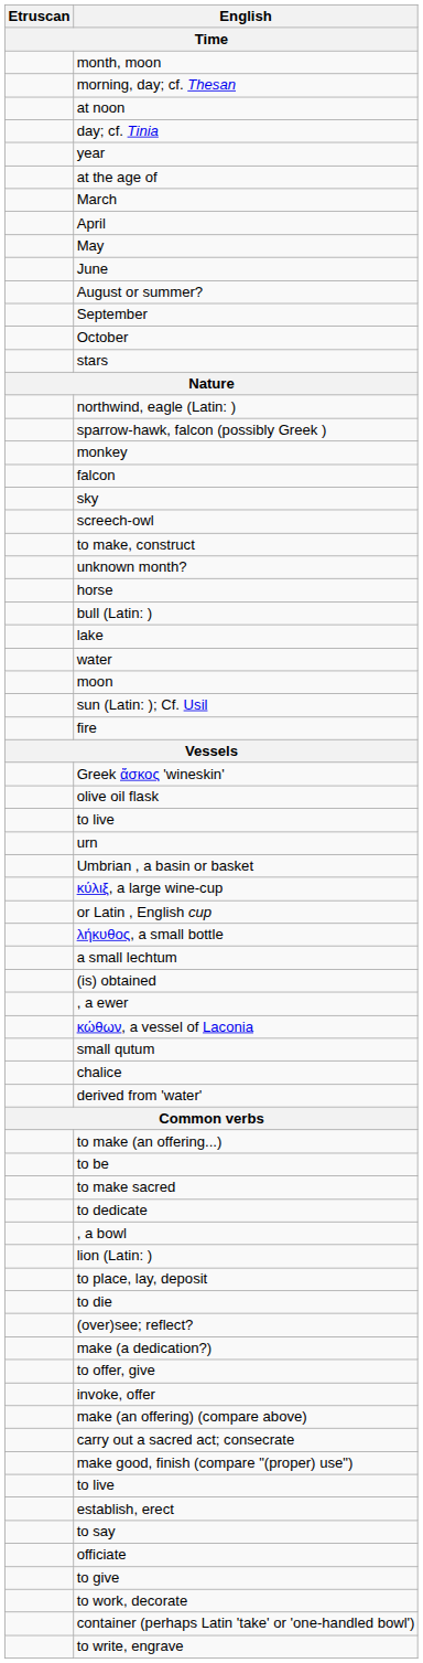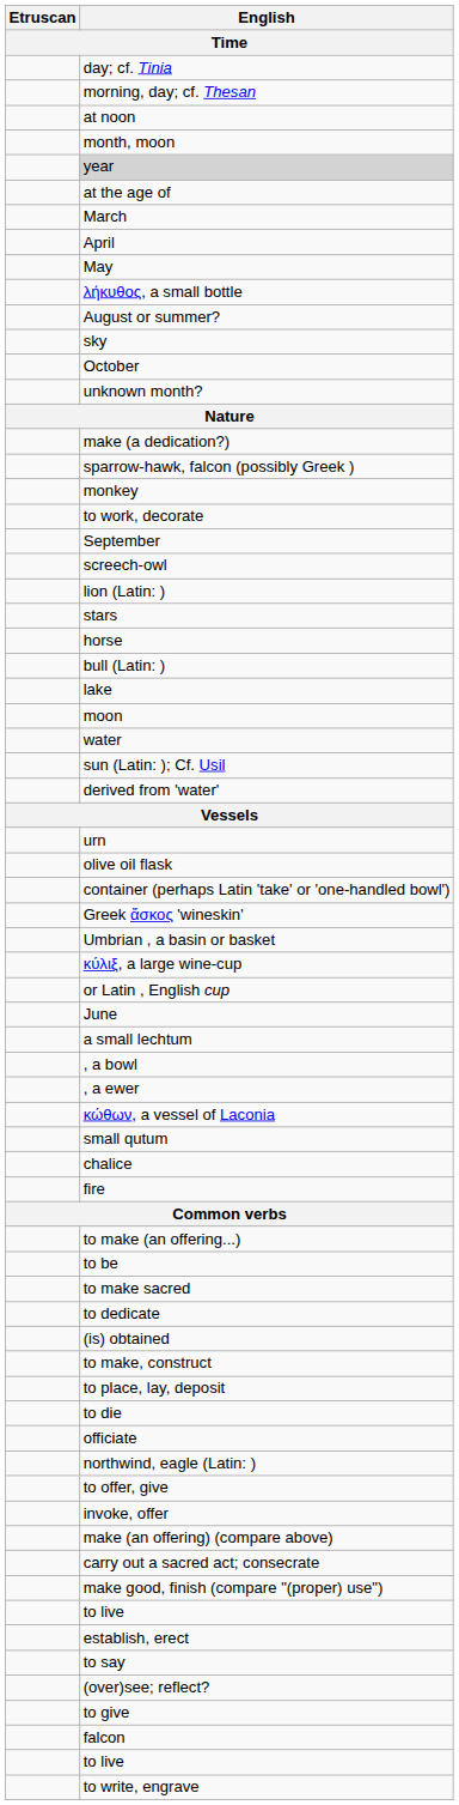 <table class="wikitable">
 <tr>
 <th>Etruscan</th>
 <th>English</th>
 </tr>
 <tr>
 <th colspan=2>Time</th>
 </tr>
 <tr>
 <td></td>
-<td>month, moon</td>
+<td>day; cf. <em><a href='#'>Tinia</a></em></td>
 </tr>
 <tr>
 <td></td>
 <td>morning, day; cf. <em><a href='#'>Thesan</a></em></td>
 </tr>
 <tr>
 <td></td>
 <td>at noon</td>
 </tr>
 <tr>
 <td></td>
-<td>day; cf. <em><a href='#'>Tinia</a></em></td>
+<td>month, moon</td>
 </tr>
 <tr>
 <td></td>
-<td>year</td>
+<td style="background: lightgrey;">year</td>
 </tr>
 <tr>
 <td></td>
 <td>at the age of</td>
 </tr>
 <tr>
 <td></td>
 <td>March</td>
 </tr>
 <tr>
 <td></td>
 <td>April</td>
 </tr>
 <tr>
 <td></td>
 <td>May</td>
 </tr>
 <tr>
 <td></td>
-<td>June</td>
+<td><a href='#'>λήκυθος</a>, a small bottle</td>
 </tr>
 <tr>
 <td></td>
 <td>August or summer?</td>
 </tr>
 <tr>
 <td></td>
-<td>September</td>
+<td>sky</td>
 </tr>
 <tr>
 <td></td>
 <td>October</td>
 </tr>
 <tr>
 <td></td>
-<td>stars</td>
+<td>unknown month?</td>
 </tr>
 <tr>
 <th colspan=2>Nature</th>
 </tr>
 <tr>
 <td></td>
-<td>northwind, eagle (Latin: )</td>
+<td>make (a dedication?)</td>
 </tr>
 <tr>
 <td></td>
 <td>sparrow-hawk, falcon (possibly Greek )</td>
 </tr>
 <tr>
 <td></td>
 <td>monkey</td>
 </tr>
 <tr>
 <td></td>
-<td>falcon</td>
+<td>to work, decorate</td>
 </tr>
 <tr>
 <td></td>
-<td>sky</td>
+<td>September</td>
 </tr>
 <tr>
 <td></td>
 <td>screech-owl</td>
 </tr>
 <tr>
 <td></td>
-<td>to make, construct</td>
+<td>lion (Latin: )</td>
 </tr>
 <tr>
 <td></td>
-<td>unknown month?</td>
+<td>stars</td>
 </tr>
 <tr>
 <td></td>
 <td>horse</td>
 </tr>
 <tr>
 <td></td>
 <td>bull (Latin: )</td>
 </tr>
 <tr>
 <td></td>
 <td>lake</td>
 </tr>
 <tr>
 <td></td>
-<td>water</td>
+<td>moon</td>
 </tr>
 <tr>
 <td></td>
-<td>moon</td>
+<td>water</td>
 </tr>
 <tr>
 <td></td>
 <td>sun (Latin: ); Cf. <a href='#'>Usil</a></td>
 </tr>
 <tr>
 <td></td>
-<td>fire</td>
+<td>derived from  'water'</td>
 </tr>
 <tr>
 <th colspan=2>Vessels</th>
 </tr>
 <tr>
 <td></td>
-<td>Greek <a href='#'>ἄσκος</a>  'wineskin'</td>
+<td>urn</td>
 </tr>
 <tr>
 <td></td>
 <td>olive oil flask</td>
 </tr>
 <tr>
 <td></td>
-<td>to live</td>
+<td>container (perhaps Latin  'take' or  'one-handled bowl')</td>
 </tr>
 <tr>
 <td></td>
-<td>urn</td>
+<td>Greek <a href='#'>ἄσκος</a>  'wineskin'</td>
 </tr>
 <tr>
 <td></td>
 <td>Umbrian , a basin or basket</td>
 </tr>
 <tr>
 <td></td>
 <td><a href='#'>κύλιξ</a>, a large wine-cup</td>
 </tr>
 <tr>
 <td></td>
 <td> or Latin , English <em>cup</em></td>
 </tr>
 <tr>
 <td></td>
-<td><a href='#'>λήκυθος</a>, a small bottle</td>
+<td>June</td>
 </tr>
 <tr>
 <td></td>
 <td>a small lechtum</td>
 </tr>
 <tr>
 <td></td>
-<td>(is) obtained</td>
+<td>, a bowl</td>
 </tr>
 <tr>
 <td></td>
 <td>, a ewer</td>
 </tr>
 <tr>
 <td></td>
 <td><a href='#'>κώθων</a>, a vessel of <a href='#'>Laconia</a></td>
 </tr>
 <tr>
 <td></td>
 <td>small qutum</td>
 </tr>
 <tr>
 <td></td>
 <td>chalice</td>
 </tr>
 <tr>
 <td></td>
-<td>derived from  'water'</td>
+<td>fire</td>
 </tr>
 <tr>
 <th colspan=2>Common verbs</th>
 </tr>
 <tr>
 <td></td>
 <td>to make (an offering...)</td>
 </tr>
 <tr>
 <td></td>
 <td>to be</td>
 </tr>
 <tr>
 <td></td>
 <td>to make sacred</td>
 </tr>
 <tr>
 <td></td>
 <td>to dedicate</td>
 </tr>
 <tr>
 <td></td>
-<td>, a bowl</td>
+<td>(is) obtained</td>
 </tr>
 <tr>
 <td></td>
-<td>lion (Latin: )</td>
+<td>to make, construct</td>
 </tr>
 <tr>
 <td></td>
 <td>to place, lay, deposit</td>
 </tr>
 <tr>
 <td></td>
 <td>to die</td>
 </tr>
 <tr>
 <td></td>
-<td>(over)see; reflect?</td>
+<td>officiate</td>
 </tr>
 <tr>
 <td></td>
-<td>make (a dedication?)</td>
+<td>northwind, eagle (Latin: )</td>
 </tr>
 <tr>
 <td></td>
 <td>to offer, give</td>
 </tr>
 <tr>
 <td></td>
 <td>invoke, offer</td>
 </tr>
 <tr>
 <td></td>
 <td>make (an offering) (compare  above)</td>
 </tr>
 <tr>
 <td></td>
 <td>carry out a sacred act; consecrate</td>
 </tr>
 <tr>
 <td></td>
 <td>make good, finish (compare  "(proper) use")</td>
 </tr>
 <tr>
 <td></td>
 <td>to live</td>
 </tr>
 <tr>
 <td></td>
 <td>establish, erect</td>
 </tr>
 <tr>
 <td></td>
 <td>to say</td>
 </tr>
 <tr>
 <td></td>
-<td>officiate</td>
+<td>(over)see; reflect?</td>
 </tr>
 <tr>
 <td></td>
 <td>to give</td>
 </tr>
 <tr>
 <td></td>
-<td>to work, decorate</td>
+<td>falcon</td>
 </tr>
 <tr>
 <td></td>
-<td>container (perhaps Latin  'take' or  'one-handled bowl')</td>
+<td>to live</td>
 </tr>
 <tr>
 <td></td>
 <td>to write, engrave</td>
 </tr>
 </table>
